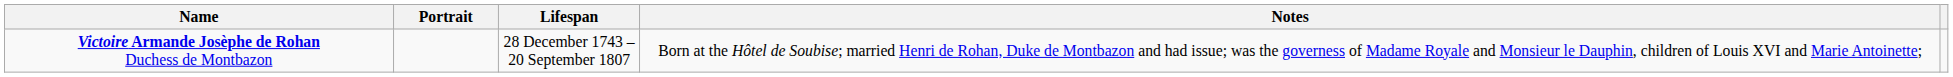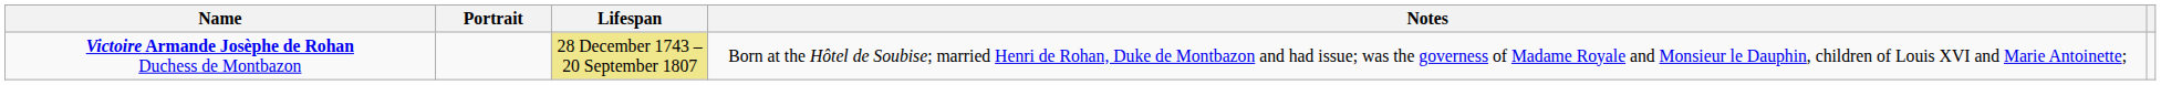 <table style="text-align:center; width:100%" class="wikitable">
 <tr>
 <th width=20%>Name</th>
 <th width=100px>Portrait</th>
 <th>Lifespan</th>
 <th>Notes</th>
 <th></th>
 </tr>
 <tr>
 <td><strong><a href='#'><em>Victoire</em> Armande Josèphe de Rohan</a></strong><br><a href='#'>Duchess de Montbazon</a></td>
 <td></td>
-<td>28 December 1743 –<br> 20 September 1807</td>
+<td style="background: khaki;">28 December 1743 –<br> 20 September 1807</td>
 <td>Born at the <em>Hôtel de Soubise</em>; married <a href='#'>Henri de Rohan, Duke de Montbazon</a> and had issue; was the <a href='#'>governess</a> of <a href='#'>Madame Royale</a> and <a href='#'>Monsieur le Dauphin</a>, children of Louis XVI and <a href='#'>Marie Antoinette</a>;</td>
 </tr>
 </table>
